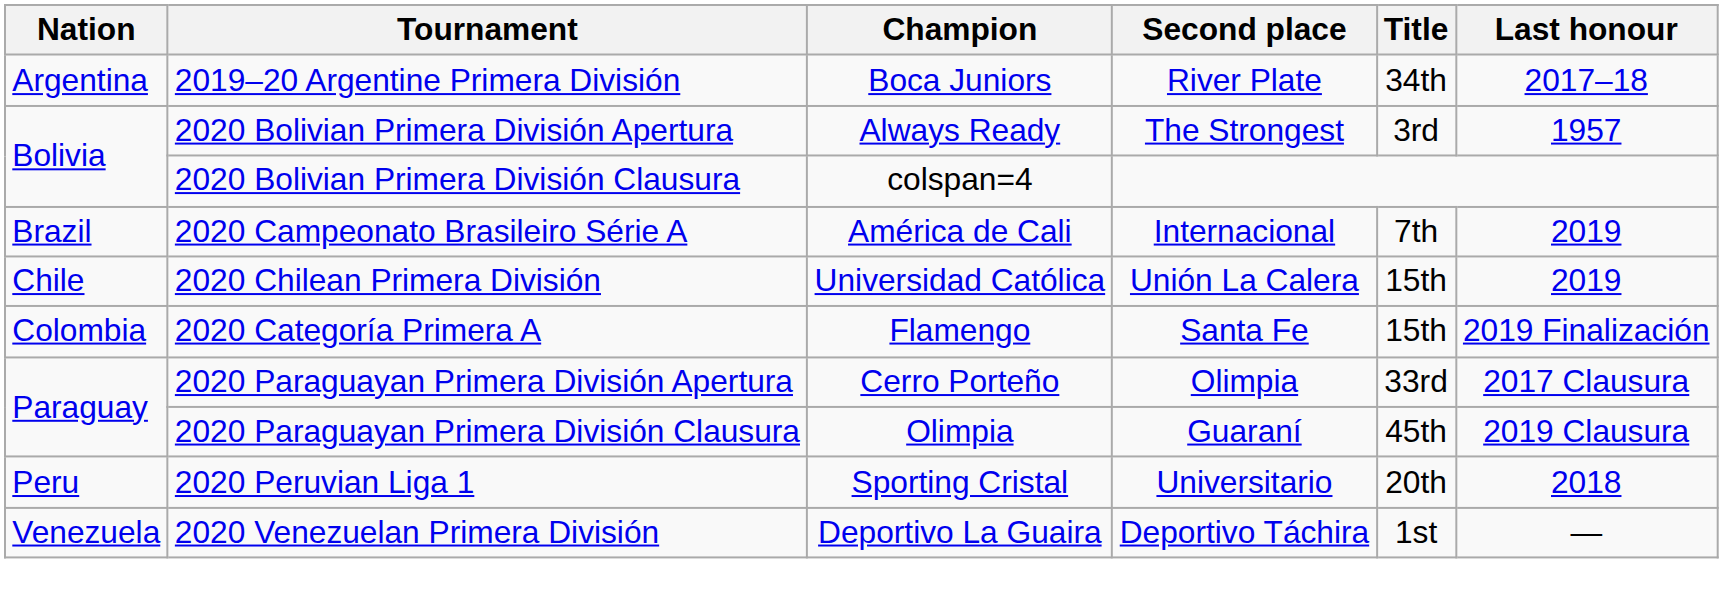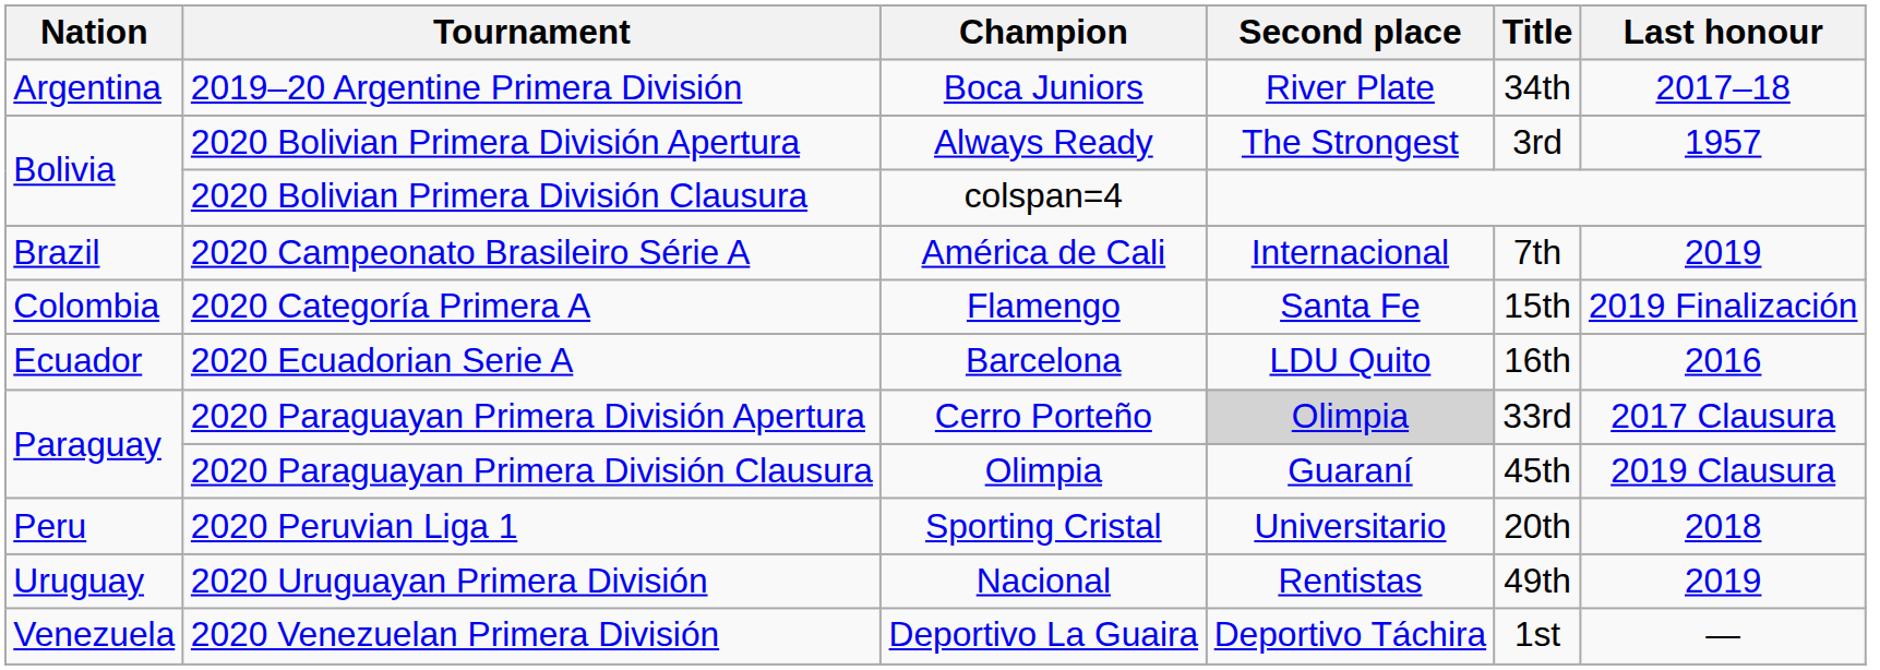 <table class="wikitable sortable" style="text-align:center;">
 <tr>
 <th>Nation</th>
 <th>Tournament</th>
 <th>Champion</th>
 <th>Second place</th>
 <th data-sort-type="number">Title</th>
 <th>Last honour</th>
 </tr>
 <tr>
 <td align=left> <a href='#'>Argentina</a></td>
 <td align=left><a href='#'>2019–20 Argentine Primera División</a></td>
 <td><a href='#'>Boca Juniors</a></td>
 <td><a href='#'>River Plate</a></td>
 <td>34th</td>
 <td><a href='#'>2017–18</a></td>
 </tr>
 <tr>
 <td align=left rowspan=2> <a href='#'>Bolivia</a></td>
 <td align=left><a href='#'>2020 Bolivian Primera División Apertura</a></td>
 <td><a href='#'>Always Ready</a></td>
 <td><a href='#'>The Strongest</a></td>
 <td>3rd</td>
 <td><a href='#'>1957</a></td>
 </tr>
 <tr>
 <td align=left><a href='#'>2020 Bolivian Primera División Clausura</a></td>
 <td>colspan=4 </td>
 </tr>
 <tr>
 <td align=left> <a href='#'>Brazil</a></td>
 <td align=left><a href='#'>2020 Campeonato Brasileiro Série A</a></td>
 <td><a href='#'>América de Cali</a></td>
 <td><a href='#'>Internacional</a></td>
 <td>7th</td>
 <td><a href='#'>2019</a></td>
 </tr>
 <tr>
-<td align=left> <a href='#'>Chile</a></td>
-<td align=left><a href='#'>2020 Chilean Primera División</a></td>
-<td><a href='#'>Universidad Católica</a></td>
-<td><a href='#'>Unión La Calera</a></td>
-<td>15th</td>
-<td><a href='#'>2019</a></td>
-</tr>
-<tr>
 <td align=left> <a href='#'>Colombia</a></td>
 <td align=left><a href='#'>2020 Categoría Primera A</a></td>
 <td><a href='#'>Flamengo</a></td>
 <td><a href='#'>Santa Fe</a></td>
 <td>15th</td>
 <td><a href='#'>2019 Finalización</a></td>
 </tr>
 <tr>
+<td align=left> <a href='#'>Ecuador</a></td>
+<td align=left><a href='#'>2020 Ecuadorian Serie A</a></td>
+<td><a href='#'>Barcelona</a></td>
+<td><a href='#'>LDU Quito</a></td>
+<td>16th</td>
+<td><a href='#'>2016</a></td>
+</tr>
+<tr>
 <td align=left rowspan=2> <a href='#'>Paraguay</a></td>
 <td align=left><a href='#'>2020 Paraguayan Primera División Apertura</a></td>
 <td><a href='#'>Cerro Porteño</a></td>
-<td><a href='#'>Olimpia</a></td>
+<td style="background: lightgrey;"><a href='#'>Olimpia</a></td>
 <td>33rd</td>
 <td><a href='#'>2017 Clausura</a></td>
 </tr>
 <tr>
 <td align=left><a href='#'>2020 Paraguayan Primera División Clausura</a></td>
 <td><a href='#'>Olimpia</a></td>
 <td><a href='#'>Guaraní</a></td>
 <td>45th</td>
 <td><a href='#'>2019 Clausura</a></td>
 </tr>
 <tr>
 <td align=left> <a href='#'>Peru</a></td>
 <td align=left><a href='#'>2020 Peruvian Liga 1</a></td>
 <td><a href='#'>Sporting Cristal</a></td>
 <td><a href='#'>Universitario</a></td>
 <td>20th</td>
 <td><a href='#'>2018</a></td>
 </tr>
 <tr>
+<td align=left> <a href='#'>Uruguay</a></td>
+<td align=left><a href='#'>2020 Uruguayan Primera División</a></td>
+<td><a href='#'>Nacional</a></td>
+<td><a href='#'>Rentistas</a></td>
+<td>49th</td>
+<td><a href='#'>2019</a></td>
+</tr>
+<tr>
 <td align=left> <a href='#'>Venezuela</a></td>
 <td align=left><a href='#'>2020 Venezuelan Primera División</a></td>
 <td><a href='#'>Deportivo La Guaira</a></td>
 <td><a href='#'>Deportivo Táchira</a></td>
 <td>1st</td>
 <td>—</td>
 </tr>
 </table>
